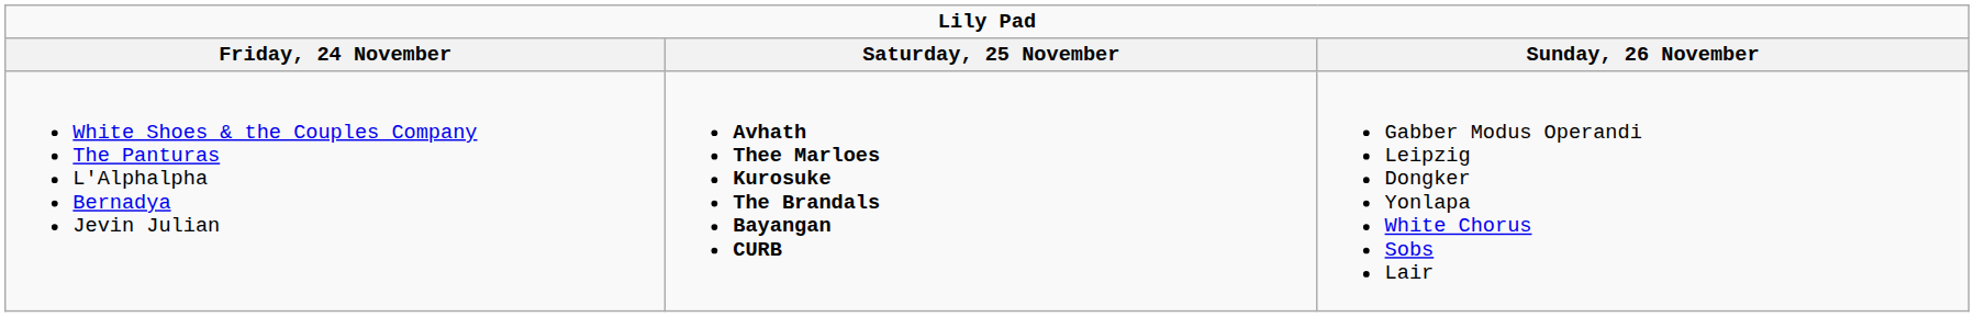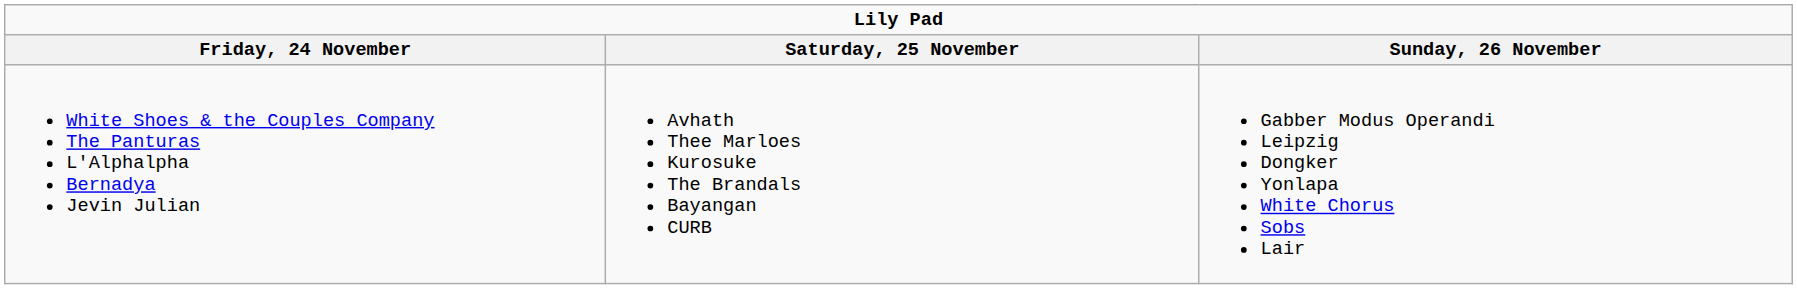 <table class="wikitable">
 <tr>
 <td colspan="4" align="center"><strong>Lily Pad</strong></td>
 </tr>
 <tr>
 <th width="500">Friday, 24 November</th>
 <th width="500">Saturday, 25 November</th>
 <th width="500">Sunday, 26 November</th>
 </tr>
 <tr valign="top">
 <td><br><ul><li><a href='#'>White Shoes & the Couples Company</a></li><li><a href='#'>The Panturas</a></li><li>L'Alphalpha</li><li><a href='#'>Bernadya</a></li><li>Jevin Julian</li></ul></td>
-<td><strong><br><ul><li>Avhath</li><li>Thee Marloes</li><li>Kurosuke</li><li>The Brandals</li><li>Bayangan</li><li>CURB</li></ul></strong></td>
+<td><br><ul><li>Avhath</li><li>Thee Marloes</li><li>Kurosuke</li><li>The Brandals</li><li>Bayangan</li><li>CURB</li></ul></td>
 <td><br><ul><li>Gabber Modus Operandi</li><li>Leipzig</li><li>Dongker</li><li>Yonlapa</li><li><a href='#'>White Chorus</a></li><li><a href='#'>Sobs</a></li><li>Lair</li></ul></td>
 </tr>
 </table>
